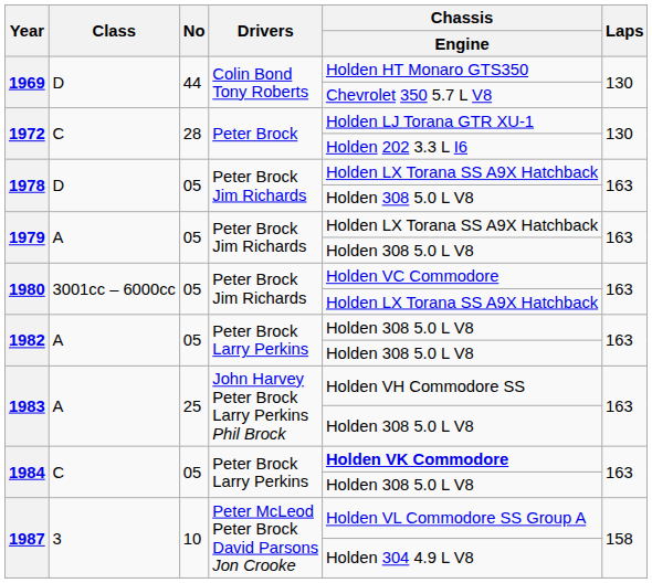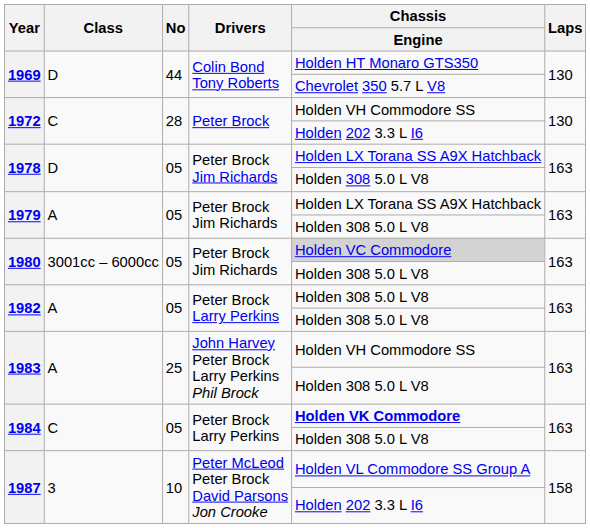 <table class="wikitable" style="font-size: 95%;">
 <tr>
 <th rowspan=2>Year</th>
 <th rowspan=2>Class</th>
 <th rowspan=2>No</th>
 <th rowspan=2>Drivers</th>
 <th>Chassis</th>
 <th rowspan=2>Laps</th>
 </tr>
 <tr>
 <th>Engine</th>
 </tr>
 <tr>
 <th rowspan=2><a href='#'>1969</a></th>
 <td rowspan=2>D</td>
 <td rowspan=2>44</td>
 <td rowspan=2> <a href='#'>Colin Bond</a><br> <a href='#'>Tony Roberts</a></td>
 <td><a href='#'>Holden HT Monaro GTS350</a></td>
 <td rowspan=2>130</td>
 </tr>
 <tr>
 <td><a href='#'>Chevrolet</a> <a href='#'>350</a> 5.7 L <a href='#'>V8</a></td>
 </tr>
 <tr>
 <th rowspan=2><a href='#'>1972</a></th>
 <td rowspan=2>C</td>
 <td rowspan=2>28</td>
 <td rowspan=2> <a href='#'>Peter Brock</a></td>
-<td><a href='#'>Holden LJ Torana GTR XU-1</a></td>
+<td>Holden VH Commodore SS</td>
 <td rowspan=2>130</td>
 </tr>
 <tr>
 <td><a href='#'>Holden</a> <a href='#'>202</a> 3.3 L <a href='#'>I6</a></td>
 </tr>
 <tr>
 <th rowspan=2><a href='#'>1978</a></th>
 <td rowspan=2>D</td>
 <td rowspan=2>05</td>
 <td rowspan=2> Peter Brock<br> <a href='#'>Jim Richards</a></td>
 <td><a href='#'>Holden LX Torana SS A9X Hatchback</a></td>
 <td rowspan=2>163</td>
 </tr>
 <tr>
 <td>Holden <a href='#'>308</a> 5.0 L V8</td>
 </tr>
 <tr>
 <th rowspan=2><a href='#'>1979</a></th>
 <td rowspan=2>A</td>
 <td rowspan=2>05</td>
 <td rowspan=2> Peter Brock<br> Jim Richards</td>
 <td>Holden LX Torana SS A9X Hatchback</td>
 <td rowspan=2>163</td>
 </tr>
 <tr>
 <td>Holden 308 5.0 L V8</td>
 </tr>
 <tr>
 <th rowspan=2><a href='#'>1980</a></th>
 <td rowspan=2>3001cc – 6000cc</td>
 <td rowspan=2>05</td>
 <td rowspan=2> Peter Brock<br> Jim Richards</td>
-<td><a href='#'>Holden VC Commodore</a></td>
+<td style="background: lightgrey;"><a href='#'>Holden VC Commodore</a></td>
 <td rowspan=2>163</td>
 </tr>
 <tr>
-<td><a href='#'>Holden LX Torana SS A9X Hatchback</a></td>
+<td>Holden 308 5.0 L V8</td>
 </tr>
 <tr>
 <th rowspan=2><a href='#'>1982</a></th>
 <td rowspan=2>A</td>
 <td rowspan=2>05</td>
 <td rowspan=2> Peter Brock<br> <a href='#'>Larry Perkins</a></td>
 <td>Holden 308 5.0 L V8</td>
 <td rowspan=2>163</td>
 </tr>
 <tr>
 <td>Holden 308 5.0 L V8</td>
 </tr>
 <tr>
 <th rowspan=2><a href='#'>1983</a></th>
 <td rowspan=2>A</td>
 <td rowspan=2>25</td>
 <td rowspan=2> <a href='#'>John Harvey</a><br> Peter Brock<br> Larry Perkins<br> <em>Phil Brock</em></td>
 <td>Holden VH Commodore SS</td>
 <td rowspan=2>163</td>
 </tr>
 <tr>
 <td>Holden 308 5.0 L V8</td>
 </tr>
 <tr>
 <th rowspan=2><a href='#'>1984</a></th>
 <td rowspan=2>C</td>
 <td rowspan=2>05</td>
 <td rowspan=2> Peter Brock<br> Larry Perkins</td>
 <td><strong><a href='#'>Holden VK Commodore</a></strong></td>
 <td rowspan=2>163</td>
 </tr>
 <tr>
 <td>Holden 308 5.0 L V8</td>
 </tr>
 <tr>
 <th rowspan=2><a href='#'>1987</a></th>
 <td rowspan=2>3</td>
 <td rowspan=2>10</td>
 <td rowspan=2> <a href='#'>Peter McLeod</a><br> Peter Brock<br> <a href='#'>David Parsons</a><br> <em>Jon Crooke</em></td>
 <td><a href='#'>Holden VL Commodore SS Group A</a></td>
 <td rowspan=2>158</td>
 </tr>
 <tr>
-<td>Holden <a href='#'>304</a> 4.9 L V8</td>
+<td><a href='#'>Holden</a> <a href='#'>202</a> 3.3 L <a href='#'>I6</a></td>
 </tr>
 </table>
